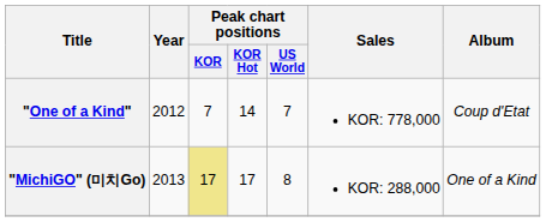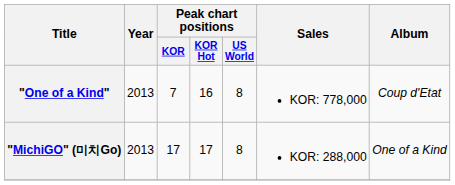 <table class="wikitable plainrowheaders" style="text-align:center">
 <tr>
 <th scope="col" rowspan="2">Title</th>
 <th scope="col" rowspan="2">Year</th>
 <th scope="col" colspan="3">Peak chart positions</th>
 <th scope="col" rowspan="2">Sales</th>
 <th scope="col" rowspan="2">Album</th>
 </tr>
 <tr>
 <th scope="col" style="width:2.7em;font-size:85%"><a href='#'>KOR</a><br></th>
 <th scope="col" style="width:2.7em;font-size:85%"><a href='#'>KOR<br>Hot</a><br></th>
 <th scope="col" style="width:2.7em;font-size:85%"><a href='#'>US<br>World</a><br></th>
 </tr>
 <tr>
 <th scope="row">"<a href='#'>One of a Kind</a>"</th>
-<td>2012</td>
+<td>2013</td>
 <td>7</td>
-<td>14</td>
-<td>7</td>
+<td>16</td>
+<td>8</td>
 <td><br><ul><li>KOR: 778,000</li></ul></td>
 <td><em>Coup d'Etat</em></td>
 </tr>
 <tr>
 <th scope="row">"<a href='#'>MichiGO</a>" (미치Go)</th>
 <td>2013</td>
-<td style="background: khaki;">17</td>
+<td>17</td>
 <td>17</td>
 <td>8</td>
 <td><br><ul><li>KOR: 288,000</li></ul></td>
 <td><em>One of a Kind</em></td>
 </tr>
 <tr>
 </tr>
 </table>
